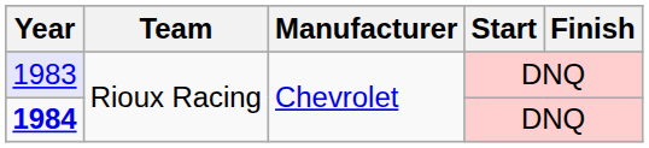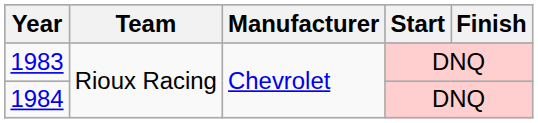 <table class="wikitable" style="font-size: 90%;">
 <tr>
 <th>Year</th>
 <th>Team</th>
 <th>Manufacturer</th>
 <th>Start</th>
 <th>Finish</th>
 </tr>
 <tr>
-<td style="background: lavender;"><a href='#'>1983</a></td>
+<td><a href='#'>1983</a></td>
 <td rowspan=2>Rioux Racing</td>
 <td rowspan=2><a href='#'>Chevrolet</a></td>
 <td align=center colspan=2 style="background:#FFCFCF;">DNQ</td>
 </tr>
 <tr>
-<td><strong><a href='#'>1984</a></strong></td>
+<td><a href='#'>1984</a></td>
 <td align=center colspan=2 style="background:#FFCFCF;">DNQ</td>
 </tr>
 </table>
